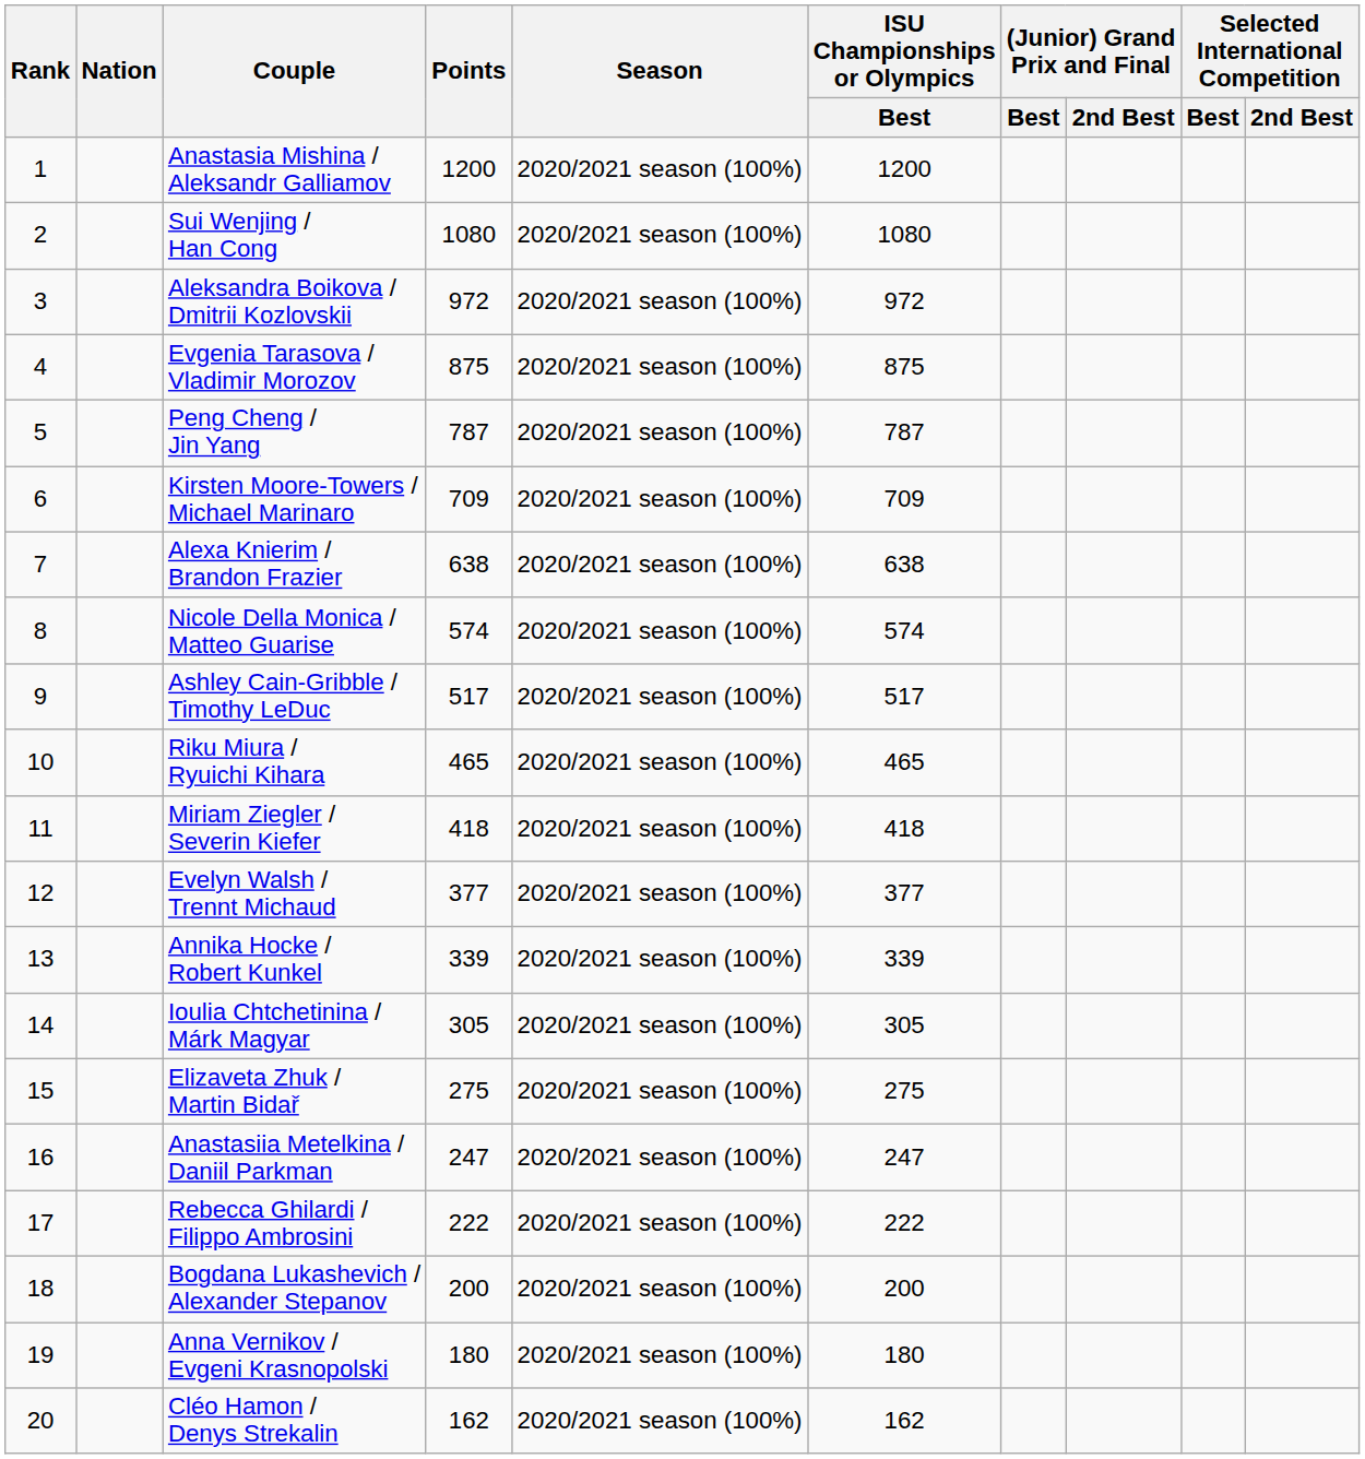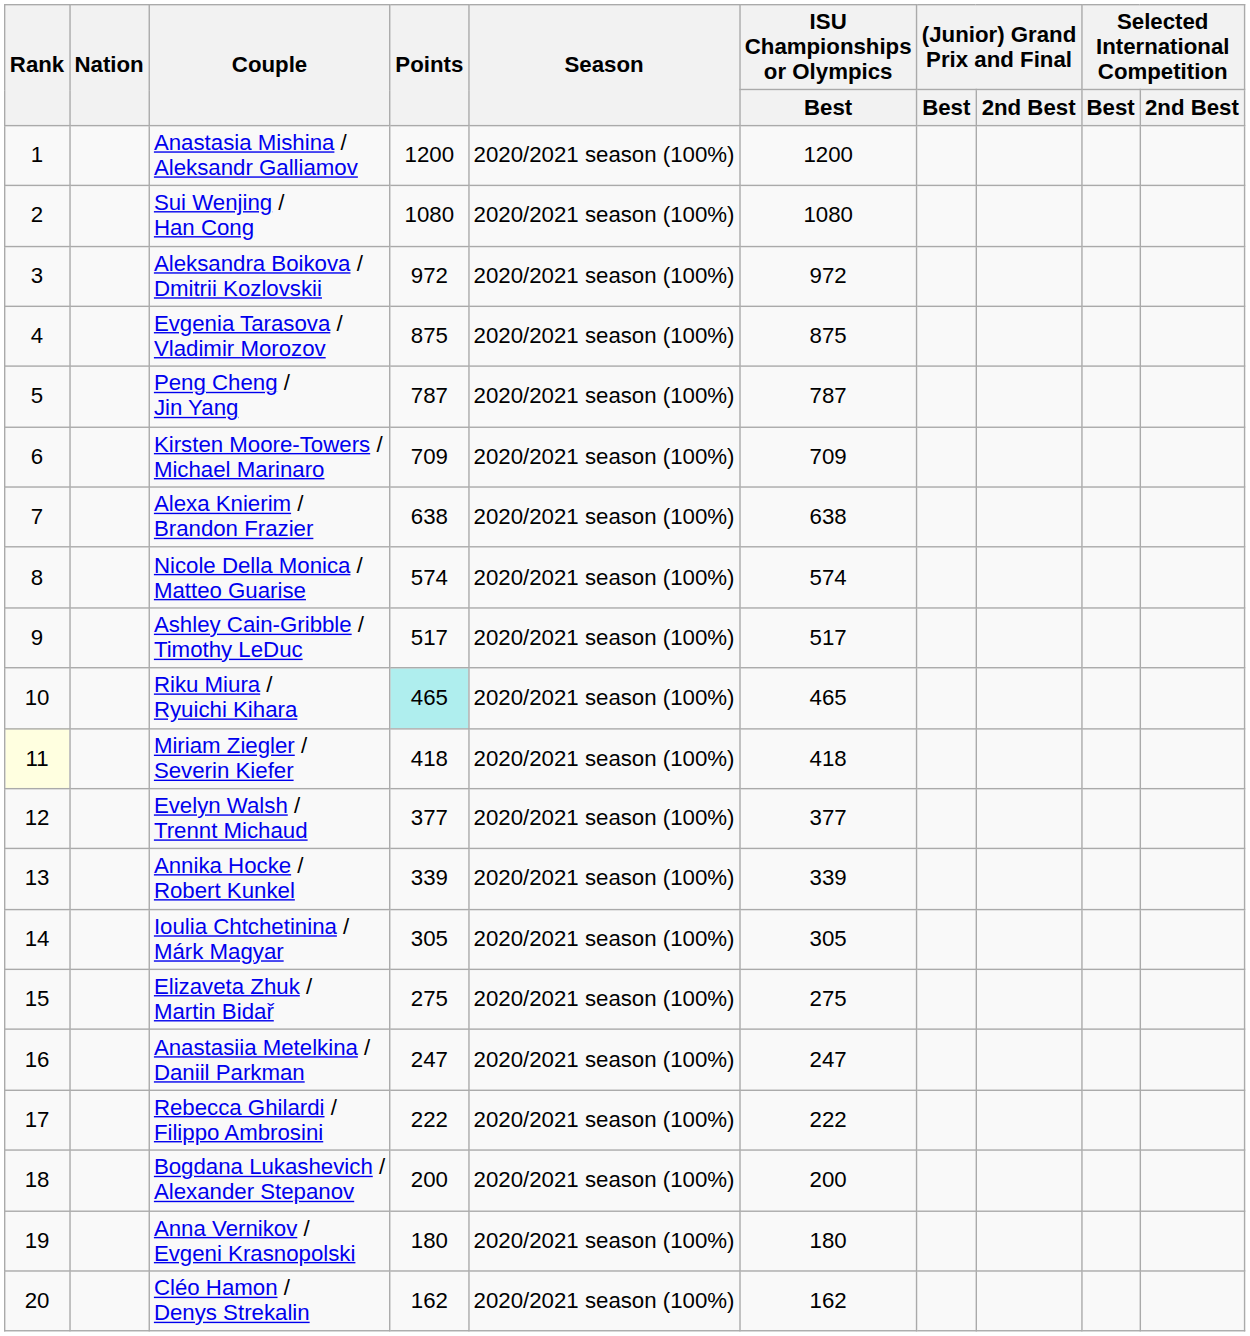 <table class="wikitable sortable" style="text-align: center;">
 <tr>
 <th rowspan="2">Rank</th>
 <th rowspan="2">Nation</th>
 <th rowspan="2">Couple</th>
 <th rowspan="2">Points</th>
 <th rowspan="2">Season</th>
 <th>ISU <br> Championships <br> or Olympics</th>
 <th colspan="2">(Junior) Grand <br> Prix and Final</th>
 <th colspan="2">Selected <br> International <br> Competition</th>
 </tr>
 <tr>
 <th>Best</th>
 <th>Best</th>
 <th>2nd Best</th>
 <th>Best</th>
 <th>2nd Best</th>
 </tr>
 <tr>
 <td>1</td>
 <td style="text-align: left;"></td>
 <td style="text-align: left;"><a href='#'>Anastasia Mishina</a> /<br> <a href='#'>Aleksandr Galliamov</a></td>
 <td>1200</td>
 <td style="text-align: left;">2020/2021 season (100%)</td>
 <td>1200</td>
 <td></td>
 <td></td>
 <td></td>
 <td></td>
 </tr>
 <tr>
 <td>2</td>
 <td style="text-align: left;"></td>
 <td style="text-align: left;"><a href='#'>Sui Wenjing</a> /<br> <a href='#'>Han Cong</a></td>
 <td>1080</td>
 <td style="text-align: left;">2020/2021 season (100%)</td>
 <td>1080</td>
 <td></td>
 <td></td>
 <td></td>
 <td></td>
 </tr>
 <tr>
 <td>3</td>
 <td style="text-align: left;"></td>
 <td style="text-align: left;"><a href='#'>Aleksandra Boikova</a> /<br> <a href='#'>Dmitrii Kozlovskii</a></td>
 <td>972</td>
 <td style="text-align: left;">2020/2021 season (100%)</td>
 <td>972</td>
 <td></td>
 <td></td>
 <td></td>
 <td></td>
 </tr>
 <tr>
 <td>4</td>
 <td style="text-align: left;"></td>
 <td style="text-align: left;"><a href='#'>Evgenia Tarasova</a> /<br> <a href='#'>Vladimir Morozov</a></td>
 <td>875</td>
 <td style="text-align: left;">2020/2021 season (100%)</td>
 <td>875</td>
 <td></td>
 <td></td>
 <td></td>
 <td></td>
 </tr>
 <tr>
 <td>5</td>
 <td style="text-align: left;"></td>
 <td style="text-align: left;"><a href='#'>Peng Cheng</a> /<br> <a href='#'>Jin Yang</a></td>
 <td>787</td>
 <td style="text-align: left;">2020/2021 season (100%)</td>
 <td>787</td>
 <td></td>
 <td></td>
 <td></td>
 <td></td>
 </tr>
 <tr>
 <td>6</td>
 <td style="text-align: left;"></td>
 <td style="text-align: left;"><a href='#'>Kirsten Moore-Towers</a> /<br> <a href='#'>Michael Marinaro</a></td>
 <td>709</td>
 <td style="text-align: left;">2020/2021 season (100%)</td>
 <td>709</td>
 <td></td>
 <td></td>
 <td></td>
 <td></td>
 </tr>
 <tr>
 <td>7</td>
 <td style="text-align: left;"></td>
 <td style="text-align: left;"><a href='#'>Alexa Knierim</a> /<br> <a href='#'>Brandon Frazier</a></td>
 <td>638</td>
 <td style="text-align: left;">2020/2021 season (100%)</td>
 <td>638</td>
 <td></td>
 <td></td>
 <td></td>
 <td></td>
 </tr>
 <tr>
 <td>8</td>
 <td style="text-align: left;"></td>
 <td style="text-align: left;"><a href='#'>Nicole Della Monica</a> /<br> <a href='#'>Matteo Guarise</a></td>
 <td>574</td>
 <td style="text-align: left;">2020/2021 season (100%)</td>
 <td>574</td>
 <td></td>
 <td></td>
 <td></td>
 <td></td>
 </tr>
 <tr>
 <td>9</td>
 <td style="text-align: left;"></td>
 <td style="text-align: left;"><a href='#'>Ashley Cain-Gribble</a> /<br> <a href='#'>Timothy LeDuc</a></td>
 <td>517</td>
 <td style="text-align: left;">2020/2021 season (100%)</td>
 <td>517</td>
 <td></td>
 <td></td>
 <td></td>
 <td></td>
 </tr>
 <tr>
 <td>10</td>
 <td style="text-align: left;"></td>
 <td style="text-align: left;"><a href='#'>Riku Miura</a> /<br> <a href='#'>Ryuichi Kihara</a></td>
-<td>465</td>
+<td style="background: paleturquoise;">465</td>
 <td style="text-align: left;">2020/2021 season (100%)</td>
 <td>465</td>
 <td></td>
 <td></td>
 <td></td>
 <td></td>
 </tr>
 <tr>
-<td>11</td>
+<td style="background: lightyellow;">11</td>
 <td style="text-align: left;"></td>
 <td style="text-align: left;"><a href='#'>Miriam Ziegler</a> /<br> <a href='#'>Severin Kiefer</a></td>
 <td>418</td>
 <td style="text-align: left;">2020/2021 season (100%)</td>
 <td>418</td>
 <td></td>
 <td></td>
 <td></td>
 <td></td>
 </tr>
 <tr>
 <td>12</td>
 <td style="text-align: left;"></td>
 <td style="text-align: left;"><a href='#'>Evelyn Walsh</a> /<br> <a href='#'>Trennt Michaud</a></td>
 <td>377</td>
 <td style="text-align: left;">2020/2021 season (100%)</td>
 <td>377</td>
 <td></td>
 <td></td>
 <td></td>
 <td></td>
 </tr>
 <tr>
 <td>13</td>
 <td style="text-align: left;"></td>
 <td style="text-align: left;"><a href='#'>Annika Hocke</a> /<br> <a href='#'>Robert Kunkel</a></td>
 <td>339</td>
 <td style="text-align: left;">2020/2021 season (100%)</td>
 <td>339</td>
 <td></td>
 <td></td>
 <td></td>
 <td></td>
 </tr>
 <tr>
 <td>14</td>
 <td style="text-align: left;"></td>
 <td style="text-align: left;"><a href='#'>Ioulia Chtchetinina</a> /<br> <a href='#'>Márk Magyar</a></td>
 <td>305</td>
 <td style="text-align: left;">2020/2021 season (100%)</td>
 <td>305</td>
 <td></td>
 <td></td>
 <td></td>
 <td></td>
 </tr>
 <tr>
 <td>15</td>
 <td style="text-align: left;"></td>
 <td style="text-align: left;"><a href='#'>Elizaveta Zhuk</a> /<br> <a href='#'>Martin Bidař</a></td>
 <td>275</td>
 <td style="text-align: left;">2020/2021 season (100%)</td>
 <td>275</td>
 <td></td>
 <td></td>
 <td></td>
 <td></td>
 </tr>
 <tr>
 <td>16</td>
 <td style="text-align: left;"></td>
 <td style="text-align: left;"><a href='#'>Anastasiia Metelkina</a> /<br> <a href='#'>Daniil Parkman</a></td>
 <td>247</td>
 <td style="text-align: left;">2020/2021 season (100%)</td>
 <td>247</td>
 <td></td>
 <td></td>
 <td></td>
 <td></td>
 </tr>
 <tr>
 <td>17</td>
 <td style="text-align: left;"></td>
 <td style="text-align: left;"><a href='#'>Rebecca Ghilardi</a> /<br> <a href='#'>Filippo Ambrosini</a></td>
 <td>222</td>
 <td style="text-align: left;">2020/2021 season (100%)</td>
 <td>222</td>
 <td></td>
 <td></td>
 <td></td>
 <td></td>
 </tr>
 <tr>
 <td>18</td>
 <td style="text-align: left;"></td>
 <td style="text-align: left;"><a href='#'>Bogdana Lukashevich</a> /<br> <a href='#'>Alexander Stepanov</a></td>
 <td>200</td>
 <td style="text-align: left;">2020/2021 season (100%)</td>
 <td>200</td>
 <td></td>
 <td></td>
 <td></td>
 <td></td>
 </tr>
 <tr>
 <td>19</td>
 <td style="text-align: left;"></td>
 <td style="text-align: left;"><a href='#'>Anna Vernikov</a> /<br> <a href='#'>Evgeni Krasnopolski</a></td>
 <td>180</td>
 <td style="text-align: left;">2020/2021 season (100%)</td>
 <td>180</td>
 <td></td>
 <td></td>
 <td></td>
 <td></td>
 </tr>
 <tr>
 <td>20</td>
 <td style="text-align: left;"></td>
 <td style="text-align: left;"><a href='#'>Cléo Hamon</a> /<br> <a href='#'>Denys Strekalin</a></td>
 <td>162</td>
 <td style="text-align: left;">2020/2021 season (100%)</td>
 <td>162</td>
 <td></td>
 <td></td>
 <td></td>
 <td></td>
 </tr>
 </table>
